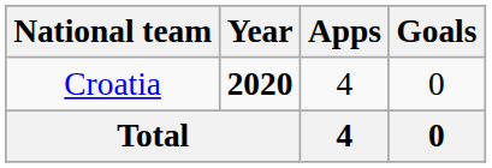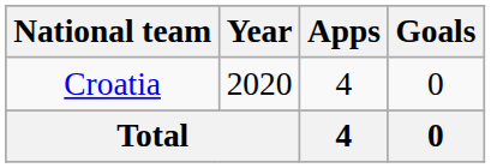 <table class=wikitable style="text-align: center">
 <tr>
 <th>National team</th>
 <th>Year</th>
 <th>Apps</th>
 <th>Goals</th>
 </tr>
 <tr>
 <td><a href='#'>Croatia</a></td>
-<td><strong>2020</strong></td>
+<td>2020</td>
 <td>4</td>
 <td>0</td>
 </tr>
 <tr>
 <th colspan=2>Total</th>
 <th>4</th>
 <th>0</th>
 </tr>
 </table>
